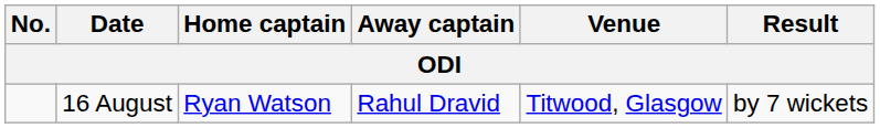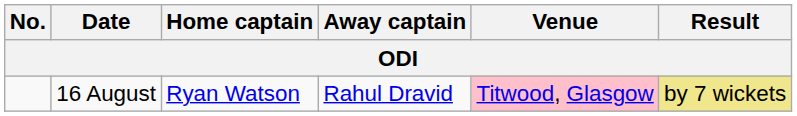 <table class="wikitable">
 <tr>
 <th>No.</th>
 <th>Date</th>
 <th>Home captain</th>
 <th>Away captain</th>
 <th>Venue</th>
 <th>Result</th>
 </tr>
 <tr>
 <th colspan="6">ODI</th>
 </tr>
 <tr>
 <td></td>
 <td>16 August</td>
 <td><a href='#'>Ryan Watson</a></td>
 <td><a href='#'>Rahul Dravid</a></td>
-<td><a href='#'>Titwood</a>, <a href='#'>Glasgow</a></td>
-<td> by 7 wickets</td>
+<td style="background: pink;"><a href='#'>Titwood</a>, <a href='#'>Glasgow</a></td>
+<td style="background: khaki;"> by 7 wickets</td>
 </tr>
 </table>
